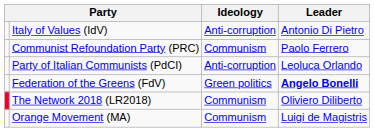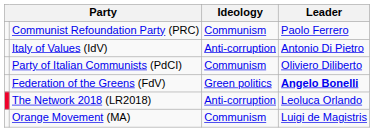 <table class=wikitable style=text-align:left>
 <tr>
 <th colspan=2>Party</th>
 <th>Ideology</th>
 <th>Leader</th>
+</tr>
+<tr>
+<td></td>
+<td><a href='#'>Communist Refoundation Party</a> (PRC)</td>
+<td><a href='#'>Communism</a></td>
+<td><a href='#'>Paolo Ferrero</a></td>
 </tr>
 <tr>
 <td></td>
 <td><a href='#'>Italy of Values</a> (IdV)</td>
 <td><a href='#'>Anti-corruption</a></td>
 <td><a href='#'>Antonio Di Pietro</a></td>
 </tr>
 <tr>
 <td></td>
-<td><a href='#'>Communist Refoundation Party</a> (PRC)</td>
+<td><a href='#'>Party of Italian Communists</a> (PdCI)</td>
 <td><a href='#'>Communism</a></td>
-<td><a href='#'>Paolo Ferrero</a></td>
-</tr>
-<tr>
-<td></td>
-<td><a href='#'>Party of Italian Communists</a> (PdCI)</td>
-<td><a href='#'>Anti-corruption</a></td>
-<td><a href='#'>Leoluca Orlando</a></td>
+<td><a href='#'>Oliviero Diliberto</a></td>
 </tr>
 <tr>
 <td></td>
 <td><a href='#'>Federation of the Greens</a> (FdV)</td>
 <td><a href='#'>Green politics</a></td>
 <td><strong><a href='#'>Angelo Bonelli</a></strong></td>
 </tr>
 <tr>
 <td style="background:#f0002b;"></td>
 <td><a href='#'>The Network 2018</a> (LR2018)</td>
-<td><a href='#'>Communism</a></td>
-<td><a href='#'>Oliviero Diliberto</a></td>
+<td><a href='#'>Anti-corruption</a></td>
+<td><a href='#'>Leoluca Orlando</a></td>
 </tr>
 <tr>
 <td></td>
 <td><a href='#'>Orange Movement</a> (MA)</td>
 <td><a href='#'>Communism</a></td>
 <td><a href='#'>Luigi de Magistris</a></td>
 </tr>
 </table>
